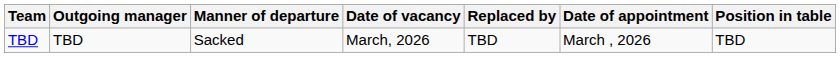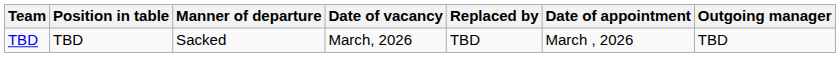 <table class="wikitable">
 <tr>
 <th>Team</th>
-<th>Outgoing manager</th>
+<th>Position in table</th>
 <th>Manner of departure</th>
 <th>Date of vacancy</th>
 <th>Replaced by</th>
 <th>Date of appointment</th>
-<th>Position in table</th>
+<th>Outgoing manager</th>
 </tr>
 <tr>
 <td><a href='#'>TBD</a></td>
-<td> TBD</td>
+<td>TBD</td>
 <td>Sacked</td>
 <td>March, 2026</td>
 <td> TBD</td>
 <td>March , 2026</td>
-<td>TBD</td>
+<td> TBD</td>
 </tr>
 </table>
